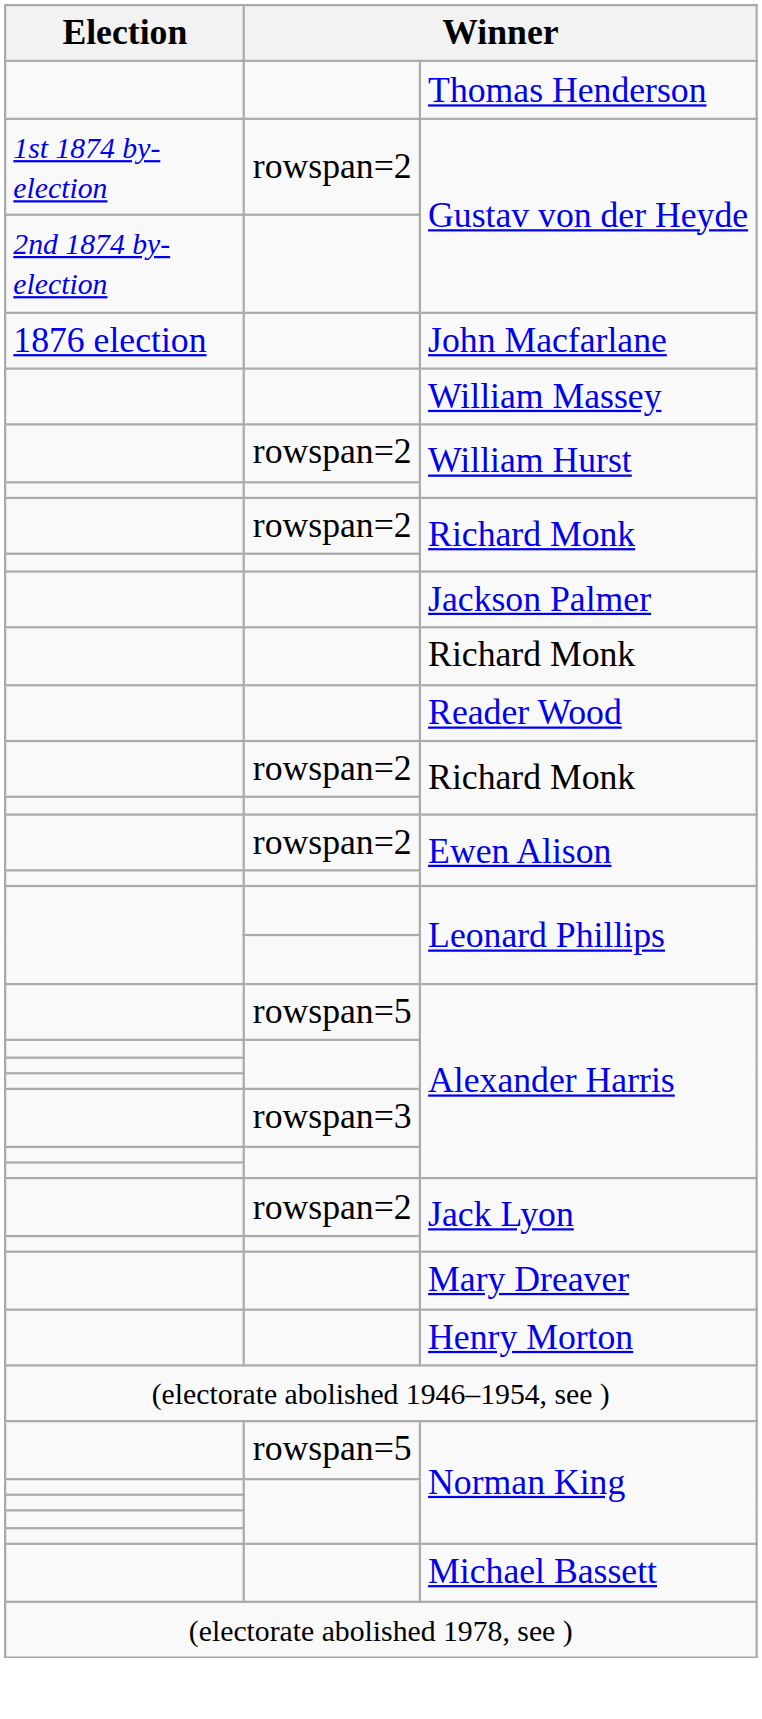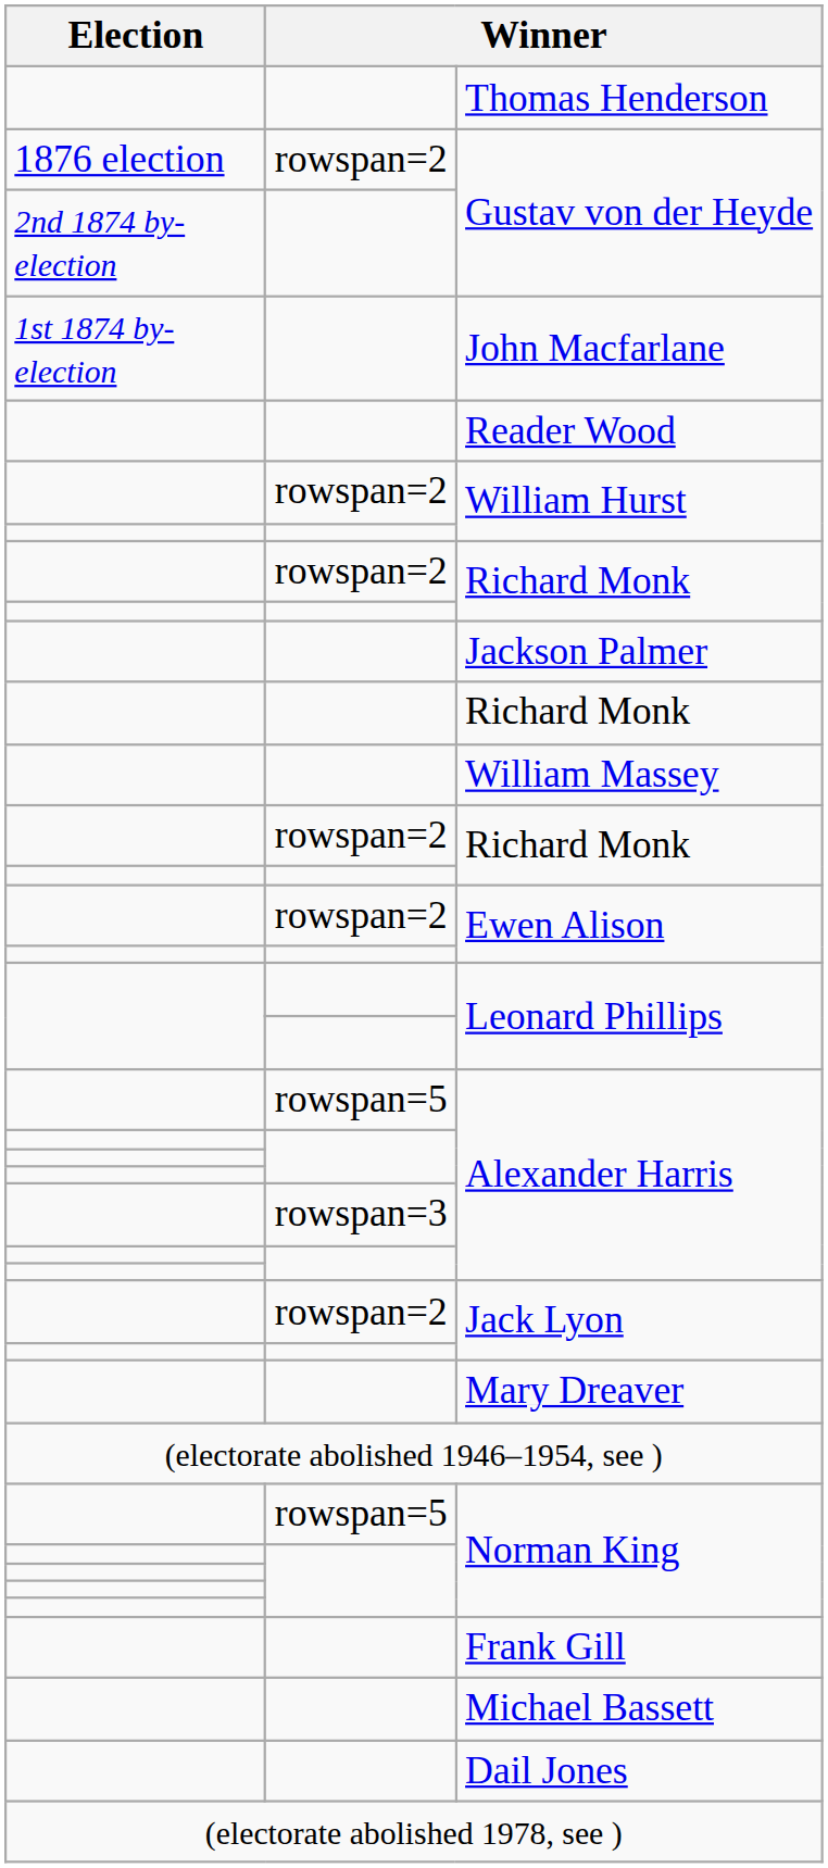 <table class=wikitable>
 <tr>
 <th width=100>Election</th>
 <th width=175 colspan=2>Winner</th>
 </tr>
 <tr>
 <td></td>
 <td></td>
 <td><a href='#'>Thomas Henderson</a></td>
 </tr>
 <tr>
-<td><small><em><a href='#'>1st 1874 by-election</a></em></small></td>
+<td><a href='#'>1876 election</a></td>
 <td>rowspan=2 </td>
 <td rowspan=2><a href='#'>Gustav von der Heyde</a></td>
 </tr>
 <tr>
 <td><small><em><a href='#'>2nd 1874 by-election</a></em></small></td>
 </tr>
 <tr>
-<td><a href='#'>1876 election</a></td>
+<td><small><em><a href='#'>1st 1874 by-election</a></em></small></td>
 <td></td>
 <td><a href='#'>John Macfarlane</a></td>
 </tr>
 <tr>
 <td></td>
 <td></td>
-<td><a href='#'>William Massey</a></td>
+<td><a href='#'>Reader Wood</a></td>
 </tr>
 <tr>
 <td></td>
 <td>rowspan=2 </td>
 <td rowspan=2><a href='#'>William Hurst</a></td>
 </tr>
 <tr>
 <td></td>
 </tr>
 <tr>
 <td></td>
 <td>rowspan=2 </td>
 <td rowspan=2><a href='#'>Richard Monk</a></td>
 </tr>
 <tr>
 <td></td>
 </tr>
 <tr>
 <td></td>
 <td></td>
 <td><a href='#'>Jackson Palmer</a></td>
 </tr>
 <tr>
 <td></td>
 <td></td>
 <td>Richard Monk</td>
 </tr>
 <tr>
 <td></td>
 <td></td>
-<td><a href='#'>Reader Wood</a></td>
+<td><a href='#'>William Massey</a></td>
 </tr>
 <tr>
 <td></td>
 <td>rowspan=2 </td>
 <td rowspan=2>Richard Monk</td>
 </tr>
 <tr>
 <td></td>
 </tr>
 <tr>
 <td></td>
 <td>rowspan=2 </td>
 <td rowspan=2><a href='#'>Ewen Alison</a></td>
 </tr>
 <tr>
 <td></td>
 </tr>
 <tr>
 <td height=36 rowspan=2></td>
 <td></td>
 <td rowspan=2><a href='#'>Leonard Phillips</a></td>
 </tr>
 <tr>
 <td></td>
 </tr>
 <tr>
 <td></td>
 <td>rowspan=5 </td>
 <td rowspan=8><a href='#'>Alexander Harris</a></td>
 </tr>
 <tr>
 <td></td>
 </tr>
 <tr>
 <td></td>
 </tr>
 <tr>
 <td></td>
 </tr>
 <tr>
 <td rowspan=2 height=18></td>
 </tr>
 <tr>
 <td>rowspan=3 </td>
 </tr>
 <tr>
 <td></td>
 </tr>
 <tr>
 <td></td>
 </tr>
 <tr>
 <td></td>
 <td>rowspan=2 </td>
 <td rowspan=2><a href='#'>Jack Lyon</a></td>
 </tr>
 <tr>
 <td></td>
 </tr>
 <tr>
 <td></td>
 <td></td>
 <td><a href='#'>Mary Dreaver</a></td>
 </tr>
 <tr>
-<td></td>
-<td></td>
-<td><a href='#'>Henry Morton</a></td>
-</tr>
-<tr>
 <td colspan=3 align=center><small>(electorate abolished 1946–1954, see )</small></td>
 </tr>
 <tr>
 <td></td>
 <td>rowspan=5 </td>
 <td rowspan=5><a href='#'>Norman King</a></td>
 </tr>
 <tr>
 <td></td>
 </tr>
 <tr>
 <td></td>
 </tr>
 <tr>
 <td></td>
 </tr>
 <tr>
 <td></td>
 </tr>
 <tr>
 <td></td>
 <td></td>
+<td><a href='#'>Frank Gill</a></td>
+</tr>
+<tr>
+<td></td>
+<td></td>
 <td><a href='#'>Michael Bassett</a></td>
+</tr>
+<tr>
+<td></td>
+<td></td>
+<td><a href='#'>Dail Jones</a></td>
 </tr>
 <tr>
 <td colspan=3 align=center><small>(electorate abolished 1978, see )</small></td>
 </tr>
 </table>
